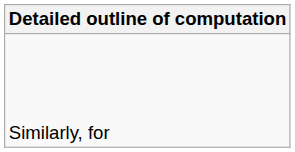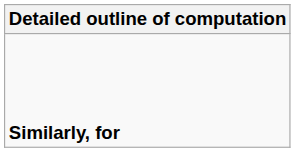 <table class="wikitable collapsible collapsed">
 <tr>
 <th>Detailed outline of computation</th>
 </tr>
 <tr>
-<td><br><br><br><br>Similarly, for <br></td>
+<td><strong><br><br><br><br>Similarly, for <br></strong></td>
 </tr>
 </table>
